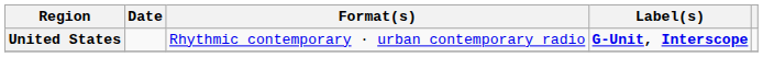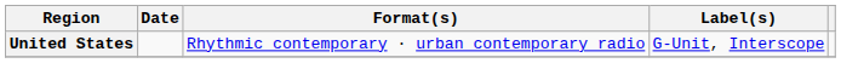 <table class="wikitable plainrowheaders" style="text-align:left">
 <tr>
 <th scope="col">Region</th>
 <th scope="col">Date</th>
 <th scope="col">Format(s)</th>
 <th scope="col">Label(s)</th>
 <th scope="col"></th>
 </tr>
 <tr>
 <th scope="row">United States</th>
 <td></td>
 <td><a href='#'>Rhythmic contemporary</a> · <a href='#'>urban contemporary radio</a></td>
-<td><strong><a href='#'>G-Unit</a>, <a href='#'>Interscope</a></strong></td>
+<td><a href='#'>G-Unit</a>, <a href='#'>Interscope</a></td>
 <td></td>
 </tr>
 <tr>
 </tr>
 </table>
